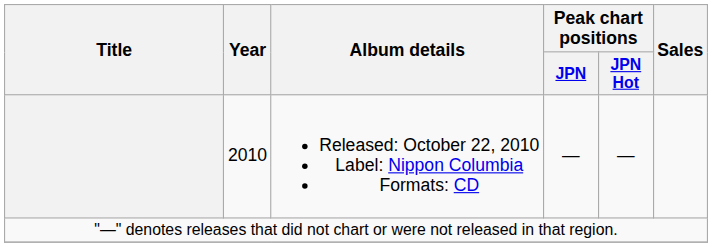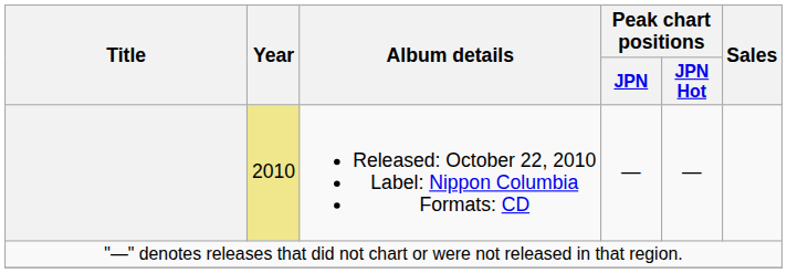 <table class="wikitable plainrowheaders" style="text-align:center;">
 <tr>
 <th scope="col" rowspan="2" style="width:12em;">Title</th>
 <th scope="col" rowspan="2">Year</th>
 <th scope="col" rowspan="2">Album details</th>
 <th scope="col" colspan="2">Peak chart positions</th>
 <th scope="col" rowspan="2">Sales</th>
 </tr>
 <tr>
 <th scope="col" style="width:3em;font-size:90%;"><a href='#'>JPN</a></th>
 <th scope="col" style="width:3em;font-size:90%;"><a href='#'>JPN<br>Hot</a></th>
 </tr>
 <tr>
 <th scope="row"></th>
-<td>2010</td>
+<td style="background: khaki;">2010</td>
 <td><br><ul><li>Released: October 22, 2010</li><li>Label: <a href='#'>Nippon Columbia</a></li><li>Formats: <a href='#'>CD</a></li></ul></td>
 <td>—</td>
 <td>—</td>
 <td></td>
 </tr>
 <tr>
 <td colspan="6" style="font-size:90%;">"—" denotes releases that did not chart or were not released in that region.</td>
 </tr>
 <tr>
 </tr>
 </table>
